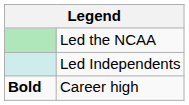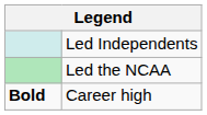 <table class="wikitable">
 <tr>
 <th colspan="2">Legend</th>
+</tr>
+<tr>
+<td style="background:#cfecec; width:3em;"></td>
+<td>Led Independents</td>
 </tr>
 <tr>
 <td style="background:#afe6ba; width:3em;"></td>
 <td>Led the NCAA</td>
 </tr>
 <tr>
-<td style="background:#cfecec; width:3em;"></td>
-<td>Led Independents</td>
-</tr>
-<tr>
 <td><strong>Bold</strong></td>
 <td>Career high</td>
 </tr>
 </table>
